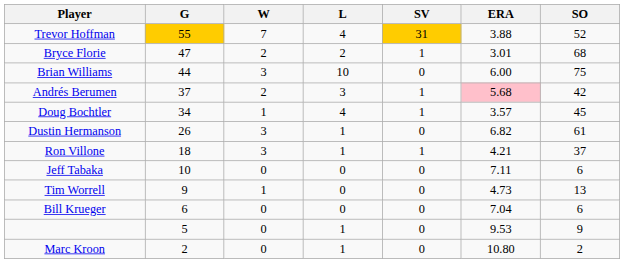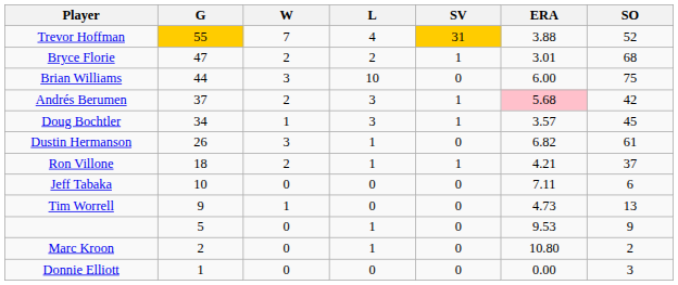 <table class="wikitable sortable">
 <tr>
 <th bgcolor="#DDDDFF" width="16%">Player</th>
 <th bgcolor="#DDDDFF" width="9%">G</th>
 <th bgcolor="#DDDDFF" width="9%">W</th>
 <th bgcolor="#DDDDFF" width="9%">L</th>
 <th bgcolor="#DDDDFF" width="9%">SV</th>
 <th bgcolor="#DDDDFF" width="9%">ERA</th>
 <th bgcolor="#DDDDFF" width="9%">SO</th>
 </tr>
 <tr align="center">
 <td><a href='#'>Trevor Hoffman</a></td>
 <td style="background:#fc0;">55</td>
 <td>7</td>
 <td>4</td>
 <td style="background:#fc0;">31</td>
 <td>3.88</td>
 <td>52</td>
 </tr>
 <tr align=center>
 <td><a href='#'>Bryce Florie</a></td>
 <td>47</td>
 <td>2</td>
 <td>2</td>
 <td>1</td>
 <td>3.01</td>
 <td>68</td>
 </tr>
 <tr align=center>
 <td><a href='#'>Brian Williams</a></td>
 <td>44</td>
 <td>3</td>
 <td>10</td>
 <td>0</td>
 <td>6.00</td>
 <td>75</td>
 </tr>
 <tr align=center>
 <td><a href='#'>Andrés Berumen</a></td>
 <td>37</td>
 <td>2</td>
 <td>3</td>
 <td>1</td>
 <td style="background: pink;">5.68</td>
 <td>42</td>
 </tr>
 <tr align=center>
 <td><a href='#'>Doug Bochtler</a></td>
 <td>34</td>
 <td>1</td>
-<td>4</td>
+<td>3</td>
 <td>1</td>
 <td>3.57</td>
 <td>45</td>
 </tr>
 <tr align=center>
 <td><a href='#'>Dustin Hermanson</a></td>
 <td>26</td>
 <td>3</td>
 <td>1</td>
 <td>0</td>
 <td>6.82</td>
 <td>61</td>
 </tr>
 <tr align=center>
 <td><a href='#'>Ron Villone</a></td>
 <td>18</td>
-<td>3</td>
+<td>2</td>
 <td>1</td>
 <td>1</td>
 <td>4.21</td>
 <td>37</td>
 </tr>
 <tr align=center>
 <td><a href='#'>Jeff Tabaka</a></td>
 <td>10</td>
 <td>0</td>
 <td>0</td>
 <td>0</td>
 <td>7.11</td>
 <td>6</td>
 </tr>
 <tr align=center>
 <td><a href='#'>Tim Worrell</a></td>
 <td>9</td>
 <td>1</td>
 <td>0</td>
 <td>0</td>
 <td>4.73</td>
 <td>13</td>
 </tr>
 <tr align=center>
-<td><a href='#'>Bill Krueger</a></td>
-<td>6</td>
-<td>0</td>
-<td>0</td>
-<td>0</td>
-<td>7.04</td>
-<td>6</td>
-</tr>
-<tr align=center>
 <td></td>
 <td>5</td>
 <td>0</td>
 <td>1</td>
 <td>0</td>
 <td>9.53</td>
 <td>9</td>
 </tr>
 <tr align="center">
 <td><a href='#'>Marc Kroon</a></td>
 <td>2</td>
 <td>0</td>
 <td>1</td>
 <td>0</td>
 <td>10.80</td>
 <td>2</td>
 </tr>
+<tr align=center>
+<td><a href='#'>Donnie Elliott</a></td>
+<td>1</td>
+<td>0</td>
+<td>0</td>
+<td>0</td>
+<td>0.00</td>
+<td>3</td>
+</tr>
 </table>
